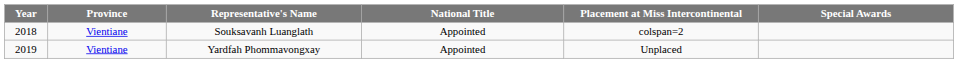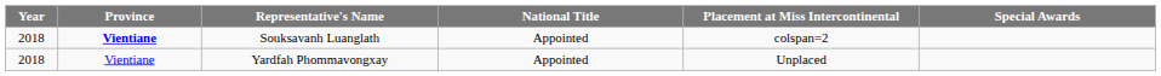 <table class="wikitable " style="font-size: 89%; text-align:center">
 <tr>
 <th width="50" style="background-color:#787878;color:#FFFFFF;">Year</th>
 <th width="150" style="background-color:#787878;color:#FFFFFF;">Province</th>
 <th width="250" style="background-color:#787878;color:#FFFFFF;">Representative's Name</th>
 <th width="260" style="background-color:#787878;color:#FFFFFF;">National Title</th>
 <th width="250" style="background-color:#787878;color:#FFFFFF;">Placement at Miss Intercontinental</th>
 <th width="250" style="background-color:#787878;color:#FFFFFF;">Special Awards</th>
 </tr>
 <tr>
 <td>2018</td>
-<td><a href='#'>Vientiane</a></td>
+<td><strong><a href='#'>Vientiane</a></strong></td>
 <td>Souksavanh Luanglath</td>
 <td>Appointed</td>
 <td>colspan=2 </td>
 </tr>
 <tr>
-<td>2019</td>
+<td>2018</td>
 <td><a href='#'>Vientiane</a></td>
 <td>Yardfah Phommavongxay</td>
 <td>Appointed</td>
 <td>Unplaced</td>
 <td></td>
 </tr>
 </table>
